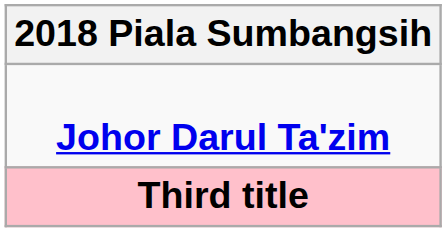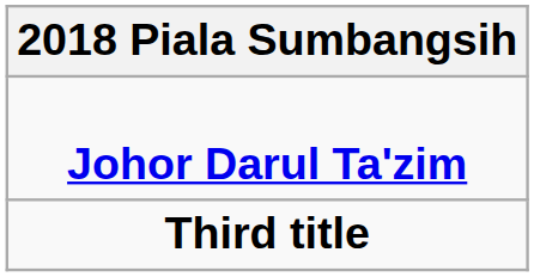 <table class="wikitable" style="text-align: center; margin: 0 auto;">
 <tr>
 <th>2018 Piala Sumbangsih</th>
 </tr>
 <tr>
 <td><br><a href='#'><strong>Johor Darul Ta'zim</strong></a></td>
 </tr>
 <tr>
-<td style="background: pink;"><strong>Third title</strong></td>
+<td><strong>Third title</strong></td>
 </tr>
 </table>
